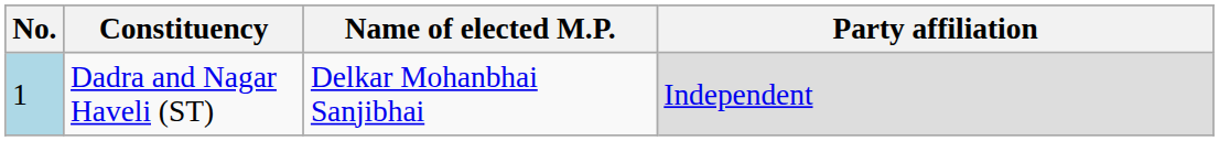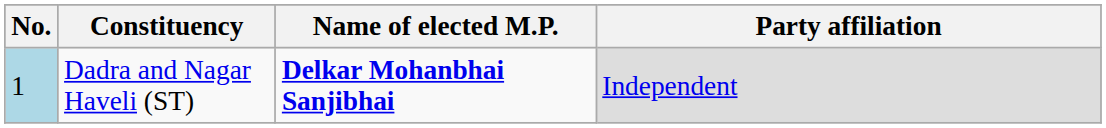 <table class="wikitable">
 <tr style="background:#ccc; text-align:center;">
 <th>No.</th>
 <th style="width:120px">Constituency</th>
 <th style="width:180px">Name of elected M.P.</th>
 <th colspan="2" style="width:18em">Party affiliation</th>
 </tr>
 <tr>
 <td style="background: lightblue;">1</td>
 <td><a href='#'>Dadra and Nagar Haveli</a> (ST)</td>
-<td><a href='#'>Delkar Mohanbhai Sanjibhai</a></td>
+<td><strong><a href='#'>Delkar Mohanbhai Sanjibhai</a></strong></td>
 <td bgcolor=#DDDDDD><a href='#'>Independent</a></td>
 </tr>
 </table>
